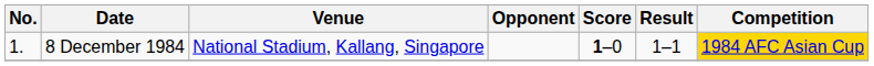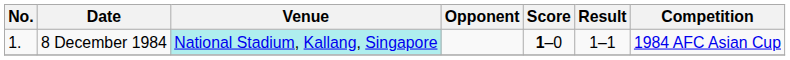 <table class="wikitable">
 <tr>
 <th>No.</th>
 <th>Date</th>
 <th>Venue</th>
 <th>Opponent</th>
 <th>Score</th>
 <th>Result</th>
 <th>Competition</th>
 </tr>
 <tr>
 <td>1.</td>
 <td>8 December 1984</td>
-<td><a href='#'>National Stadium</a>, <a href='#'>Kallang</a>, <a href='#'>Singapore</a></td>
+<td style="background: paleturquoise;"><a href='#'>National Stadium</a>, <a href='#'>Kallang</a>, <a href='#'>Singapore</a></td>
 <td></td>
 <td align=center><strong>1</strong>–0</td>
 <td align=center>1–1</td>
-<td style="background: gold;"><a href='#'>1984 AFC Asian Cup</a></td>
+<td><a href='#'>1984 AFC Asian Cup</a></td>
 </tr>
 <tr>
 </tr>
 </table>
